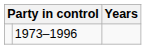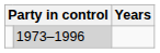 <table class="wikitable">
 <tr>
 <th colspan=2>Party in control</th>
 <th>Years</th>
 </tr>
 <tr>
 <td></td>
-<td>1973–1996</td>
+<td style="background: lightgrey;">1973–1996</td>
 </tr>
 </table>
